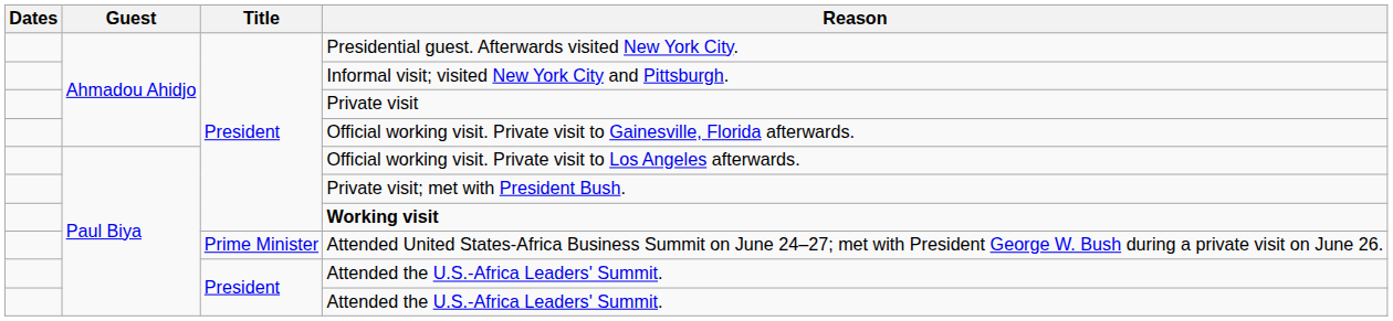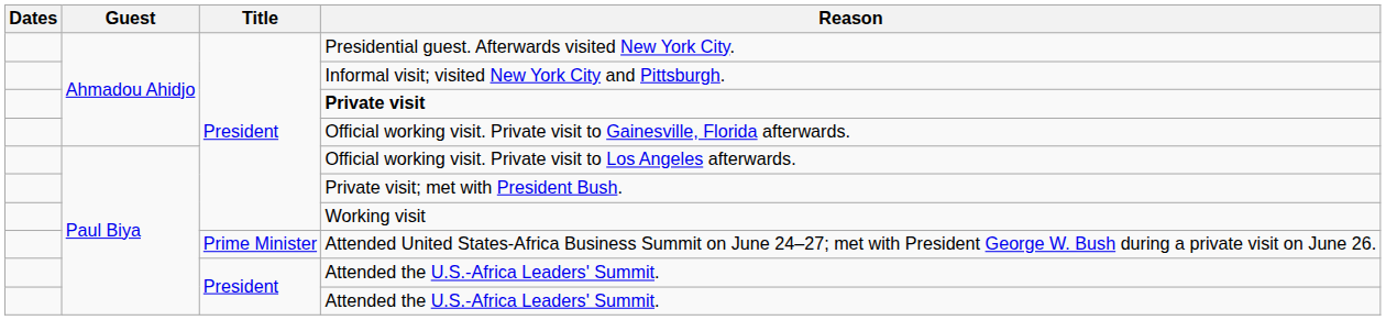 <table class="wikitable sortable">
 <tr>
 <th>Dates</th>
 <th>Guest</th>
 <th>Title</th>
 <th>Reason</th>
 </tr>
 <tr>
 <td></td>
 <td rowspan=4><a href='#'>Ahmadou Ahidjo</a></td>
 <td rowspan=7><a href='#'>President</a></td>
 <td>Presidential guest. Afterwards visited <a href='#'>New York City</a>.</td>
 </tr>
 <tr>
 <td></td>
 <td>Informal visit; visited <a href='#'>New York City</a> and <a href='#'>Pittsburgh</a>.</td>
 </tr>
 <tr>
 <td></td>
-<td>Private visit</td>
+<td><strong>Private visit</strong></td>
 </tr>
 <tr>
 <td></td>
 <td>Official working visit. Private visit to <a href='#'>Gainesville, Florida</a> afterwards.</td>
 </tr>
 <tr>
 <td></td>
 <td rowspan=6><a href='#'>Paul Biya</a></td>
 <td>Official working visit. Private visit to <a href='#'>Los Angeles</a> afterwards.</td>
 </tr>
 <tr>
 <td></td>
 <td>Private visit; met with <a href='#'>President Bush</a>.</td>
 </tr>
 <tr>
 <td></td>
-<td><strong>Working visit</strong></td>
+<td>Working visit</td>
 </tr>
 <tr>
 <td></td>
 <td><a href='#'>Prime Minister</a></td>
 <td>Attended United States-Africa Business Summit on June 24–27; met with President <a href='#'>George W. Bush</a> during a private visit on June 26.</td>
 </tr>
 <tr>
 <td></td>
 <td rowspan=2><a href='#'>President</a></td>
 <td>Attended the <a href='#'>U.S.-Africa Leaders' Summit</a>.</td>
 </tr>
 <tr>
 <td></td>
 <td>Attended the <a href='#'>U.S.-Africa Leaders' Summit</a>.</td>
 </tr>
 </table>
